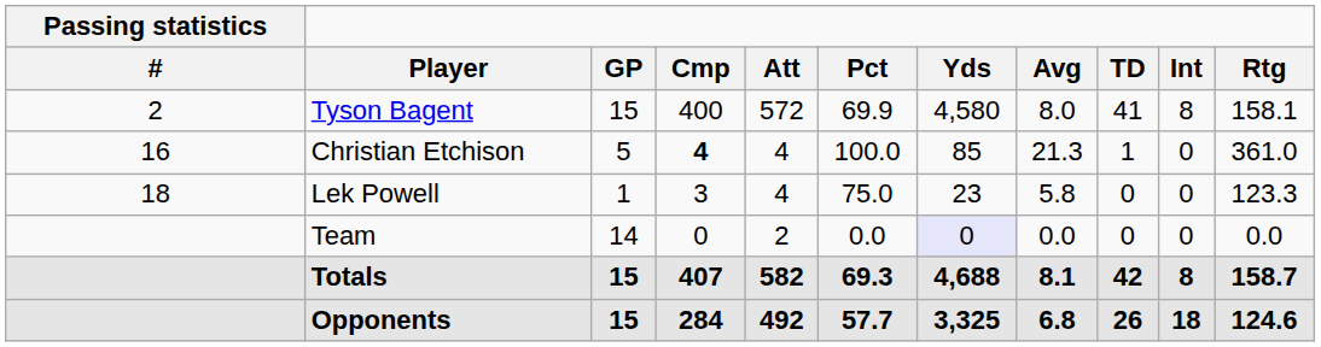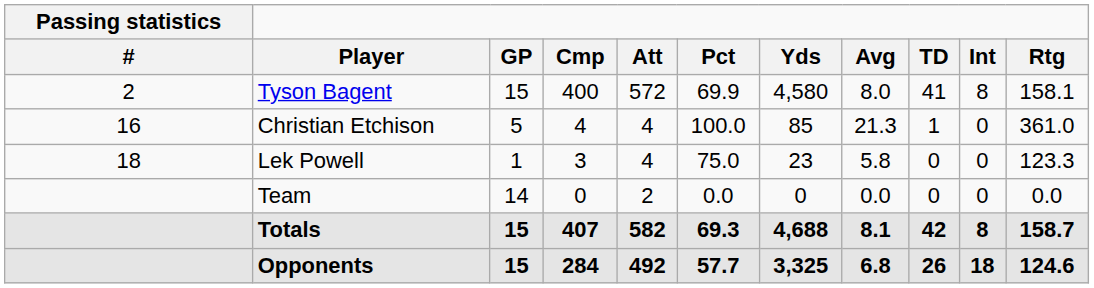 <table style="text-align:center; width:50%;" class="wikitable collapsible collapsed">
 <tr>
 <th style="text-align:center; ">Passing statistics</th>
 </tr>
 <tr>
 <th>#</th>
 <th>Player</th>
 <th>GP</th>
 <th>Cmp</th>
 <th>Att</th>
 <th>Pct</th>
 <th>Yds</th>
 <th>Avg</th>
 <th>TD</th>
 <th>Int</th>
 <th>Rtg</th>
 </tr>
 <tr>
 <td>2</td>
 <td align="left"><a href='#'>Tyson Bagent</a></td>
 <td>15</td>
 <td>400</td>
 <td>572</td>
 <td>69.9</td>
 <td>4,580</td>
 <td>8.0</td>
 <td>41</td>
 <td>8</td>
 <td>158.1</td>
 </tr>
 <tr>
 <td>16</td>
 <td align="left">Christian Etchison</td>
 <td>5</td>
-<td><strong>4</strong></td>
+<td>4</td>
 <td>4</td>
 <td>100.0</td>
 <td>85</td>
 <td>21.3</td>
 <td>1</td>
 <td>0</td>
 <td>361.0</td>
 </tr>
 <tr>
 <td>18</td>
 <td align="left">Lek Powell</td>
 <td>1</td>
 <td>3</td>
 <td>4</td>
 <td>75.0</td>
 <td>23</td>
 <td>5.8</td>
 <td>0</td>
 <td>0</td>
 <td>123.3</td>
 </tr>
 <tr>
 <td></td>
 <td align="left">Team</td>
 <td>14</td>
 <td>0</td>
 <td>2</td>
 <td>0.0</td>
-<td style="background: lavender;">0</td>
+<td>0</td>
 <td>0.0</td>
 <td>0</td>
 <td>0</td>
 <td>0.0</td>
 </tr>
 <tr style="background:#e5e5e5;">
 <td></td>
 <td align="left"><strong>Totals</strong></td>
 <td><strong>15</strong></td>
 <td><strong>407</strong></td>
 <td><strong>582</strong></td>
 <td><strong>69.3</strong></td>
 <td><strong>4,688</strong></td>
 <td><strong>8.1</strong></td>
 <td><strong>42</strong></td>
 <td><strong>8</strong></td>
 <td><strong>158.7</strong></td>
 </tr>
 <tr style="background:#e5e5e5;">
 <td></td>
 <td align="left"><strong>Opponents</strong></td>
 <td><strong>15</strong></td>
 <td><strong>284</strong></td>
 <td><strong>492</strong></td>
 <td><strong>57.7</strong></td>
 <td><strong>3,325</strong></td>
 <td><strong>6.8</strong></td>
 <td><strong>26</strong></td>
 <td><strong>18</strong></td>
 <td><strong>124.6</strong></td>
 </tr>
 </table>
